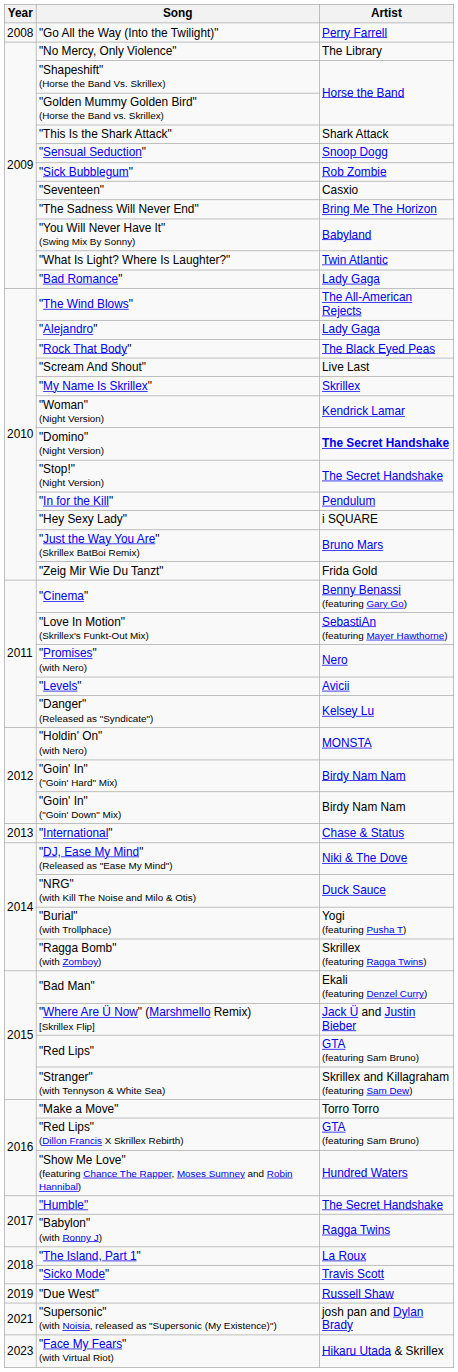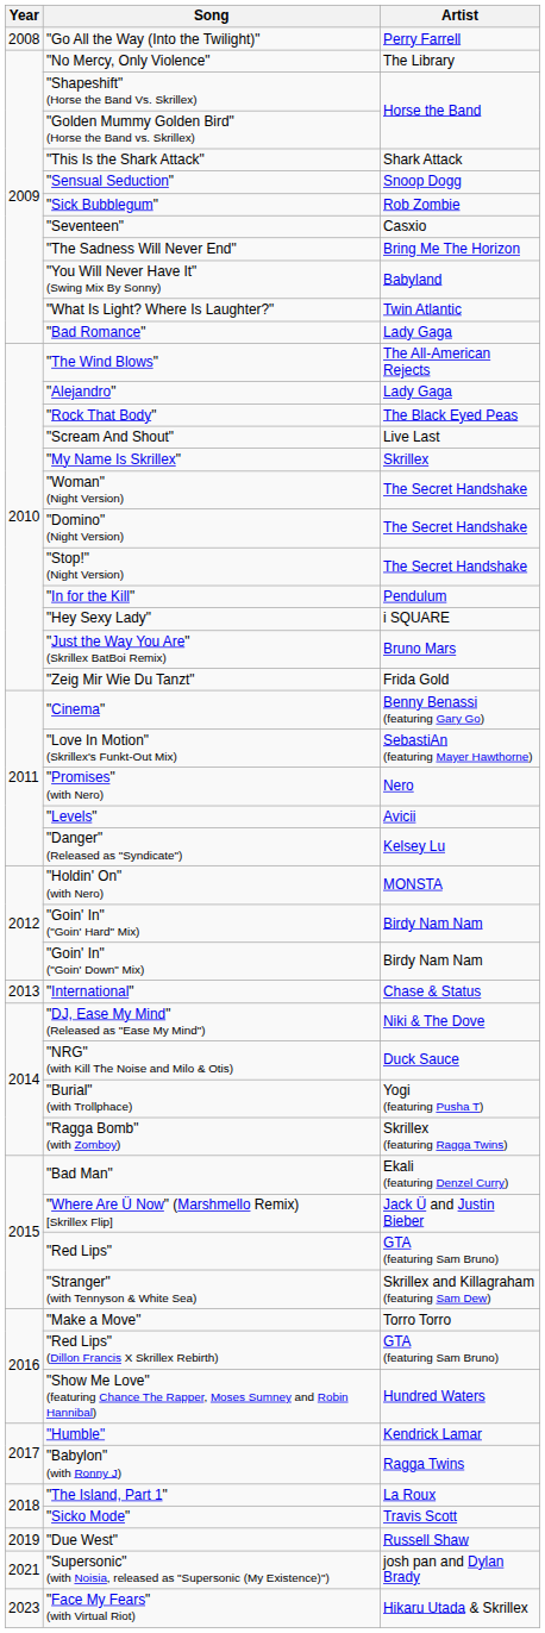 <table class="wikitable">
 <tr>
 <th>Year</th>
 <th>Song</th>
 <th>Artist</th>
 </tr>
 <tr>
 <td rowspan="1">2008</td>
 <td>"Go All the Way (Into the Twilight)"</td>
 <td><a href='#'>Perry Farrell</a></td>
 </tr>
 <tr>
 <td rowspan="11">2009</td>
 <td>"No Mercy, Only Violence"</td>
 <td>The Library</td>
 </tr>
 <tr>
 <td>"Shapeshift" <br><small>(Horse the Band Vs. Skrillex)</small></td>
 <td rowspan="2"><a href='#'>Horse the Band</a></td>
 </tr>
 <tr>
 <td>"Golden Mummy Golden Bird" <br><small>(Horse the Band vs. Skrillex)</small></td>
 </tr>
 <tr>
 <td>"This Is the Shark Attack"</td>
 <td>Shark Attack</td>
 </tr>
 <tr>
 <td>"<a href='#'>Sensual Seduction</a>"</td>
 <td><a href='#'>Snoop Dogg</a></td>
 </tr>
 <tr>
 <td>"<a href='#'>Sick Bubblegum</a>"</td>
 <td><a href='#'>Rob Zombie</a></td>
 </tr>
 <tr>
 <td>"Seventeen"</td>
 <td>Casxio</td>
 </tr>
 <tr>
 <td>"The Sadness Will Never End"</td>
 <td><a href='#'>Bring Me The Horizon</a></td>
 </tr>
 <tr>
 <td>"You Will Never Have It" <br><small>(Swing Mix By Sonny)</small></td>
 <td><a href='#'>Babyland</a></td>
 </tr>
 <tr>
 <td>"What Is Light? Where Is Laughter?"</td>
 <td><a href='#'>Twin Atlantic</a></td>
 </tr>
 <tr>
 <td>"<a href='#'>Bad Romance</a>"</td>
 <td><a href='#'>Lady Gaga</a></td>
 </tr>
 <tr>
 <td rowspan="12">2010</td>
 <td>"<a href='#'>The Wind Blows</a>"</td>
 <td><a href='#'>The All-American Rejects</a></td>
 </tr>
 <tr>
 <td>"<a href='#'>Alejandro</a>"</td>
 <td><a href='#'>Lady Gaga</a></td>
 </tr>
 <tr>
 <td>"<a href='#'>Rock That Body</a>"</td>
 <td><a href='#'>The Black Eyed Peas</a></td>
 </tr>
 <tr>
 <td>"Scream And Shout"</td>
 <td>Live Last</td>
 </tr>
 <tr>
 <td>"<a href='#'>My Name Is Skrillex</a>"</td>
 <td><a href='#'>Skrillex</a></td>
 </tr>
 <tr>
 <td>"Woman" <br><small>(Night Version)</small></td>
-<td><a href='#'>Kendrick Lamar</a></td>
+<td><a href='#'>The Secret Handshake</a></td>
 </tr>
 <tr>
 <td>"Domino" <br><small>(Night Version)</small></td>
-<td><strong><a href='#'>The Secret Handshake</a></strong></td>
+<td><a href='#'>The Secret Handshake</a></td>
 </tr>
 <tr>
 <td>"Stop!" <br><small>(Night Version)</small></td>
 <td><a href='#'>The Secret Handshake</a></td>
 </tr>
 <tr>
 <td>"<a href='#'>In for the Kill</a>"</td>
 <td><a href='#'>Pendulum</a></td>
 </tr>
 <tr>
 <td>"Hey Sexy Lady"</td>
 <td>i SQUARE</td>
 </tr>
 <tr>
 <td>"<a href='#'>Just the Way You Are</a>" <br><small>(Skrillex BatBoi Remix)</small></td>
 <td><a href='#'>Bruno Mars</a></td>
 </tr>
 <tr>
 <td>"Zeig Mir Wie Du Tanzt"</td>
 <td>Frida Gold</td>
 </tr>
 <tr>
 <td rowspan="5">2011</td>
 <td>"<a href='#'>Cinema</a>"</td>
 <td><a href='#'>Benny Benassi</a><br><small>(featuring <a href='#'>Gary Go</a>)</small></td>
 </tr>
 <tr>
 <td>"Love In Motion" <br><small>(Skrillex's Funkt-Out Mix)</small></td>
 <td><a href='#'>SebastiAn</a><br><small>(featuring <a href='#'>Mayer Hawthorne</a>)</small></td>
 </tr>
 <tr>
 <td>"<a href='#'>Promises</a>" <br><small>(with Nero)</small></td>
 <td><a href='#'>Nero</a></td>
 </tr>
 <tr>
 <td>"<a href='#'>Levels</a>"</td>
 <td><a href='#'>Avicii</a></td>
 </tr>
 <tr>
 <td>"Danger" <br><small>(Released as "Syndicate")</small></td>
 <td><a href='#'>Kelsey Lu</a></td>
 </tr>
 <tr>
 <td rowspan="3">2012</td>
 <td>"Holdin' On" <br><small>(with Nero)</small></td>
 <td><a href='#'>MONSTA</a></td>
 </tr>
 <tr>
 <td>"Goin' In" <br><small>("Goin' Hard" Mix)</small></td>
 <td><a href='#'>Birdy Nam Nam</a></td>
 </tr>
 <tr>
 <td>"Goin' In" <br><small>("Goin' Down" Mix)</small></td>
 <td>Birdy Nam Nam</td>
 </tr>
 <tr>
 <td rowspan="1">2013</td>
 <td>"<a href='#'>International</a>"</td>
 <td><a href='#'>Chase & Status</a></td>
 </tr>
 <tr>
 <td rowspan="4">2014</td>
 <td>"<a href='#'>DJ, Ease My Mind</a>"<br><small>(Released as "Ease My Mind")</small></td>
 <td><a href='#'>Niki & The Dove</a></td>
 </tr>
 <tr>
 <td>"NRG" <br><small>(with Kill The Noise and Milo & Otis)</small></td>
 <td><a href='#'>Duck Sauce</a></td>
 </tr>
 <tr>
 <td>"Burial" <br><small>(with Trollphace)</small></td>
 <td>Yogi<br><small>(featuring <a href='#'>Pusha T</a>)</small></td>
 </tr>
 <tr>
 <td>"Ragga Bomb" <br><small>(with <a href='#'>Zomboy</a>)</small></td>
 <td>Skrillex<br><small>(featuring <a href='#'>Ragga Twins</a>)</small></td>
 </tr>
 <tr>
 <td rowspan="4">2015</td>
 <td>"Bad Man"</td>
 <td>Ekali<br><small>(featuring <a href='#'>Denzel Curry</a>)</small></td>
 </tr>
 <tr>
 <td>"<a href='#'>Where Are Ü Now</a>" (<a href='#'>Marshmello</a> Remix) <br><small>[Skrillex Flip]</small></td>
 <td><a href='#'>Jack Ü</a> and <a href='#'>Justin Bieber</a></td>
 </tr>
 <tr>
 <td>"Red Lips"</td>
 <td><a href='#'>GTA</a><br><small>(featuring Sam Bruno)</small></td>
 </tr>
 <tr>
 <td>"Stranger" <br><small>(with Tennyson & White Sea)</small></td>
 <td>Skrillex and Killagraham<br><small>(featuring <a href='#'>Sam Dew</a>)</small></td>
 </tr>
 <tr>
 <td rowspan="3">2016</td>
 <td>"Make a Move"</td>
 <td>Torro Torro</td>
 </tr>
 <tr>
 <td>"Red Lips" <br><small>(<a href='#'>Dillon Francis</a> X Skrillex Rebirth)</small></td>
 <td><a href='#'>GTA</a><br><small>(featuring Sam Bruno)</small></td>
 </tr>
 <tr>
 <td>"Show Me Love" <br><small>(featuring <a href='#'>Chance The Rapper</a>, <a href='#'>Moses Sumney</a> and <a href='#'>Robin Hannibal</a>)</small></td>
 <td><a href='#'>Hundred Waters</a></td>
 </tr>
 <tr>
 <td rowspan="2">2017</td>
 <td><a href='#'>"Humble"</a></td>
-<td><a href='#'>The Secret Handshake</a></td>
+<td><a href='#'>Kendrick Lamar</a></td>
 </tr>
 <tr>
 <td>"Babylon" <br><small>(with <a href='#'>Ronny J</a>)</small></td>
 <td><a href='#'>Ragga Twins</a></td>
 </tr>
 <tr>
 <td rowspan="2">2018</td>
 <td>"<a href='#'>The Island, Part 1</a>"</td>
 <td><a href='#'>La Roux</a></td>
 </tr>
 <tr>
 <td>"<a href='#'>Sicko Mode</a>"</td>
 <td><a href='#'>Travis Scott</a></td>
 </tr>
 <tr>
 <td>2019</td>
 <td>"Due West"</td>
 <td><a href='#'>Russell Shaw</a></td>
 </tr>
 <tr>
 <td>2021</td>
 <td>"Supersonic" <br><small>(with <a href='#'>Noisia</a>, released as "Supersonic (My Existence)")</small></td>
 <td>josh pan and <a href='#'>Dylan Brady</a></td>
 </tr>
 <tr>
 <td>2023</td>
 <td>"<a href='#'>Face My Fears</a>"<br><small>(with Virtual Riot)</small></td>
 <td><a href='#'>Hikaru Utada</a> & Skrillex</td>
 </tr>
 </table>
